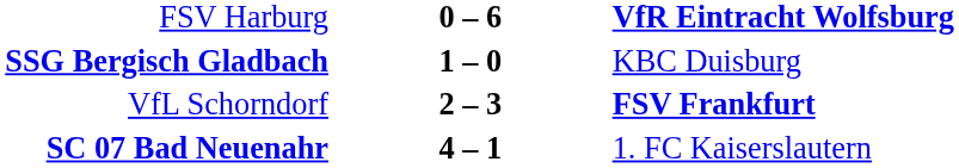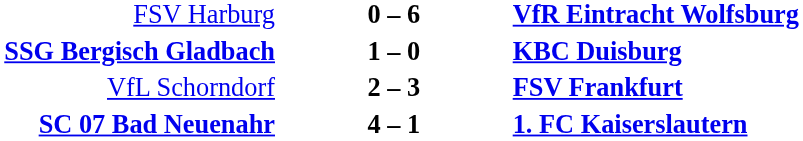 <table width=100% cellspacing=1>
 <tr>
 <th width=25%></th>
 <th width=10%></th>
 <th width=25%></th>
 <th></th>
 </tr>
 <tr style=font-size:90%>
 <td align=right><a href='#'>FSV Harburg</a></td>
 <td align=center><strong>0 – 6</strong></td>
 <td><strong><a href='#'>VfR Eintracht Wolfsburg</a></strong></td>
 </tr>
 <tr style=font-size:90%>
 <td align=right><strong><a href='#'>SSG Bergisch Gladbach</a></strong></td>
 <td align=center><strong>1 – 0</strong></td>
-<td><a href='#'>KBC Duisburg</a></td>
+<td><strong><a href='#'>KBC Duisburg</a></strong></td>
 </tr>
 <tr style=font-size:90%>
 <td align=right><a href='#'>VfL Schorndorf</a></td>
 <td align=center><strong>2 – 3</strong></td>
 <td><strong><a href='#'>FSV Frankfurt</a></strong></td>
 </tr>
 <tr style=font-size:90%>
 <td align=right><strong><a href='#'>SC 07 Bad Neuenahr</a></strong></td>
 <td align=center><strong>4 – 1</strong></td>
-<td><a href='#'>1. FC Kaiserslautern</a></td>
+<td><strong><a href='#'>1. FC Kaiserslautern</a></strong></td>
 </tr>
 </table>
